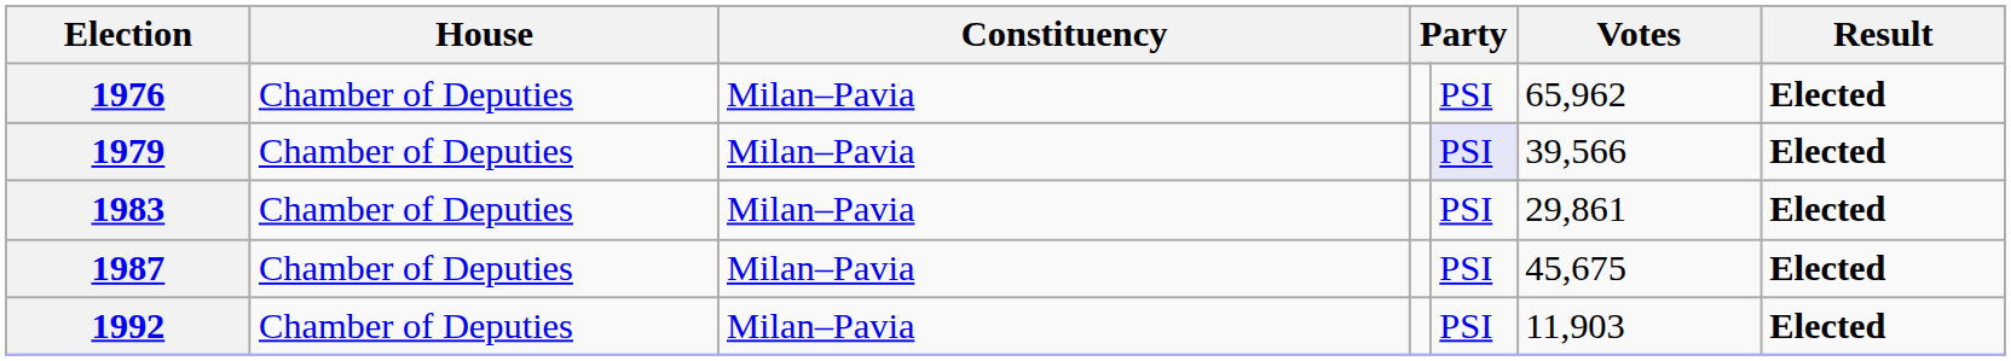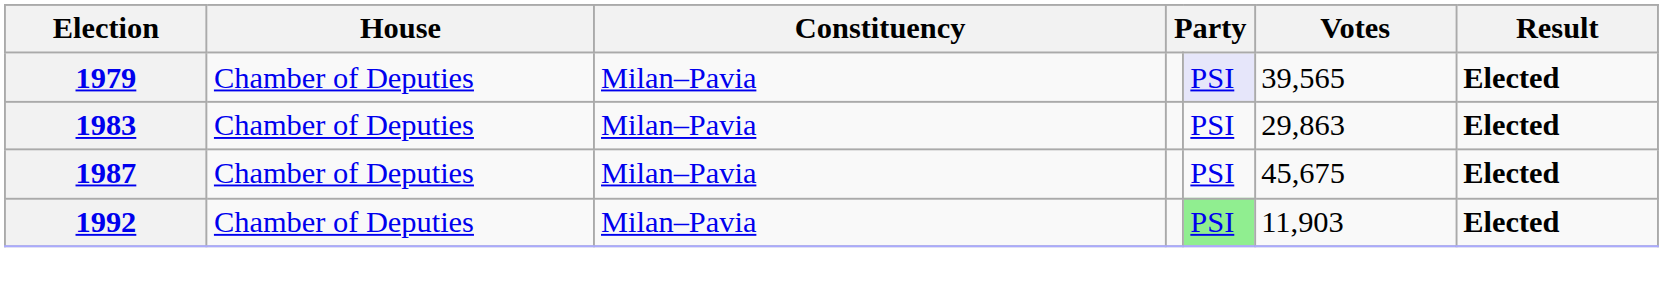 <table class=wikitable style="width:55%; border:1px #AAAAFF solid">
 <tr>
 <th width=12%>Election</th>
 <th width=23%>House</th>
 <th width=34%>Constituency</th>
 <th width=5% colspan="2">Party</th>
 <th width=12%>Votes</th>
 <th width=12%>Result</th>
 </tr>
 <tr>
-<th><a href='#'>1976</a></th>
-<td><a href='#'>Chamber of Deputies</a></td>
-<td><a href='#'>Milan–Pavia</a></td>
-<td></td>
-<td><a href='#'>PSI</a></td>
-<td>65,962</td>
-<td> <strong>Elected</strong></td>
-</tr>
-<tr>
 <th><a href='#'>1979</a></th>
 <td><a href='#'>Chamber of Deputies</a></td>
 <td><a href='#'>Milan–Pavia</a></td>
 <td></td>
 <td style="background: lavender;"><a href='#'>PSI</a></td>
-<td>39,566</td>
+<td>39,565</td>
 <td> <strong>Elected</strong></td>
 </tr>
 <tr>
 <th><a href='#'>1983</a></th>
 <td><a href='#'>Chamber of Deputies</a></td>
 <td><a href='#'>Milan–Pavia</a></td>
 <td></td>
 <td><a href='#'>PSI</a></td>
-<td>29,861</td>
+<td>29,863</td>
 <td> <strong>Elected</strong></td>
 </tr>
 <tr>
 <th><a href='#'>1987</a></th>
 <td><a href='#'>Chamber of Deputies</a></td>
 <td><a href='#'>Milan–Pavia</a></td>
 <td></td>
 <td><a href='#'>PSI</a></td>
 <td>45,675</td>
 <td> <strong>Elected</strong></td>
 </tr>
 <tr>
 <th><a href='#'>1992</a></th>
 <td><a href='#'>Chamber of Deputies</a></td>
 <td><a href='#'>Milan–Pavia</a></td>
 <td></td>
-<td><a href='#'>PSI</a></td>
+<td style="background: lightgreen;"><a href='#'>PSI</a></td>
 <td>11,903</td>
 <td> <strong>Elected</strong></td>
 </tr>
 <tr>
 </tr>
 </table>
